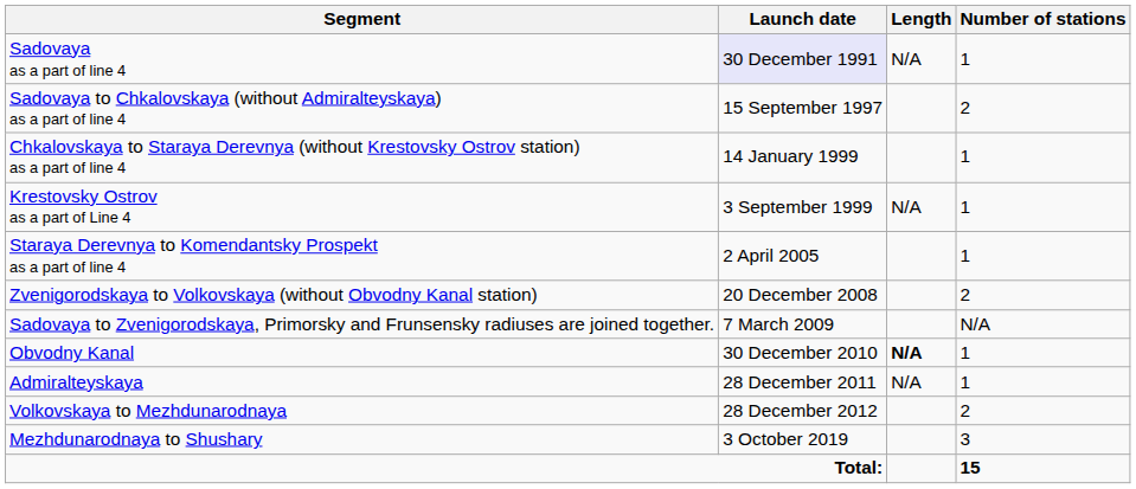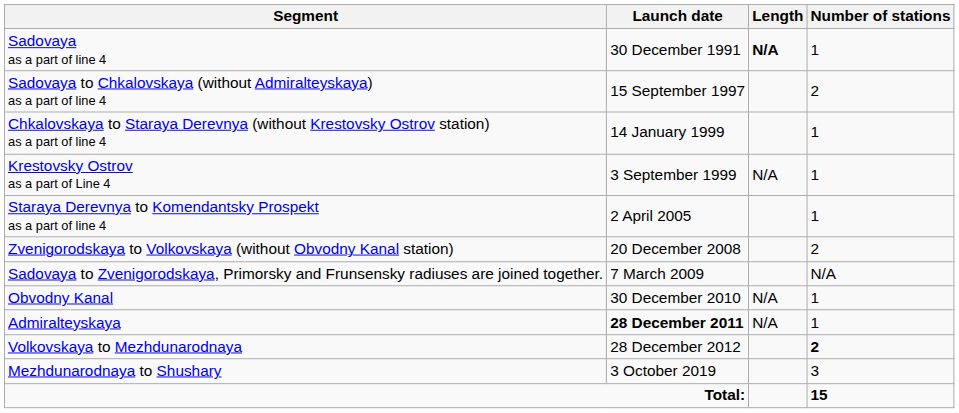 <table class="wikitable" style="text-align: left;">
 <tr>
 <th>Segment</th>
 <th>Launch date</th>
 <th>Length</th>
 <th>Number of stations</th>
 </tr>
 <tr>
 <td><a href='#'>Sadovaya</a> <br> <small>as a part of line 4</small></td>
-<td style="background: lavender;">30 December 1991</td>
-<td>N/A</td>
+<td>30 December 1991</td>
+<td><strong>N/A</strong></td>
 <td>1</td>
 </tr>
 <tr>
 <td><a href='#'>Sadovaya</a> to <a href='#'>Chkalovskaya</a> (without <a href='#'>Admiralteyskaya</a>)<br> <small>as a part of line 4</small></td>
 <td>15 September 1997</td>
 <td></td>
 <td>2</td>
 </tr>
 <tr>
 <td><a href='#'>Chkalovskaya</a> to <a href='#'>Staraya Derevnya</a> (without <a href='#'>Krestovsky Ostrov</a> station)<br> <small>as a part of line 4</small></td>
 <td>14 January 1999</td>
 <td></td>
 <td>1</td>
 </tr>
 <tr>
 <td><a href='#'>Krestovsky Ostrov</a> <br> <small>as a part of Line 4</small></td>
 <td>3 September 1999</td>
 <td>N/A</td>
 <td>1</td>
 </tr>
 <tr>
 <td><a href='#'>Staraya Derevnya</a> to <a href='#'>Komendantsky Prospekt</a> <br> <small>as a part of line 4</small></td>
 <td>2 April 2005</td>
 <td></td>
 <td>1</td>
 </tr>
 <tr>
 <td><a href='#'>Zvenigorodskaya</a> to <a href='#'>Volkovskaya</a> (without <a href='#'>Obvodny Kanal</a> station)</td>
 <td>20 December 2008</td>
 <td></td>
 <td>2</td>
 </tr>
 <tr>
 <td><a href='#'>Sadovaya</a> to <a href='#'>Zvenigorodskaya</a>, Primorsky and Frunsensky radiuses are joined together.</td>
 <td>7 March 2009</td>
 <td></td>
 <td>N/A</td>
 </tr>
 <tr>
 <td><a href='#'>Obvodny Kanal</a> <br></td>
 <td>30 December 2010</td>
-<td><strong>N/A</strong></td>
+<td>N/A</td>
 <td>1</td>
 </tr>
 <tr>
 <td><a href='#'>Admiralteyskaya</a> <br></td>
-<td>28 December 2011</td>
+<td><strong>28 December 2011</strong></td>
 <td>N/A</td>
 <td>1</td>
 </tr>
 <tr>
 <td><a href='#'>Volkovskaya</a> to <a href='#'>Mezhdunarodnaya</a><br></td>
 <td>28 December 2012</td>
 <td></td>
-<td>2</td>
+<td><strong>2</strong></td>
 </tr>
 <tr>
 <td><a href='#'>Mezhdunarodnaya</a> to <a href='#'>Shushary</a><br></td>
 <td>3 October 2019</td>
 <td></td>
 <td>3</td>
 </tr>
 <tr>
 <td colspan=2 style="text-align: right;"><strong>Total:</strong></td>
 <td><strong></strong></td>
 <td><strong>15</strong></td>
 </tr>
 </table>
